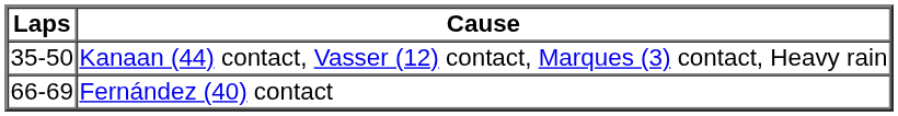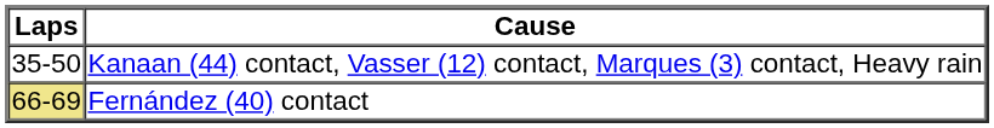 <table border=2 cellspacing=0>
 <tr>
 <th>Laps</th>
 <th>Cause</th>
 </tr>
 <tr>
 <td>35-50</td>
 <td><a href='#'>Kanaan (44)</a> contact, <a href='#'>Vasser (12)</a> contact, <a href='#'>Marques (3)</a> contact, Heavy rain</td>
 </tr>
 <tr>
-<td>66-69</td>
+<td style="background: khaki;">66-69</td>
 <td><a href='#'>Fernández (40)</a> contact</td>
 </tr>
 </table>
